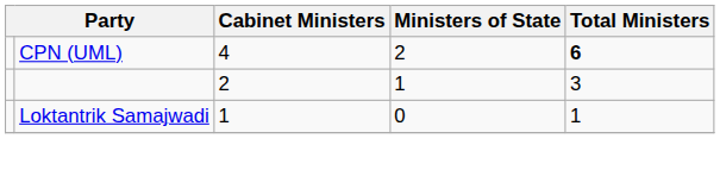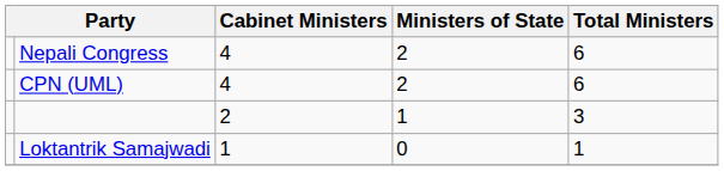 <table class="wikitable">
 <tr>
 <th colspan="2">Party</th>
 <th>Cabinet Ministers</th>
 <th>Ministers of State</th>
 <th>Total Ministers</th>
 </tr>
 <tr>
 <td></td>
+<td><a href='#'>Nepali Congress</a></td>
+<td>4</td>
+<td>2</td>
+<td>6</td>
+</tr>
+<tr>
+<td></td>
 <td><a href='#'>CPN (UML)</a></td>
 <td>4</td>
 <td>2</td>
-<td><strong>6</strong></td>
+<td>6</td>
 </tr>
 <tr>
 <td></td>
 <td></td>
 <td>2</td>
 <td>1</td>
 <td>3</td>
 </tr>
 <tr>
 <td></td>
 <td><a href='#'>Loktantrik Samajwadi</a></td>
 <td>1</td>
 <td>0</td>
 <td>1</td>
 </tr>
 <tr>
 </tr>
 </table>
